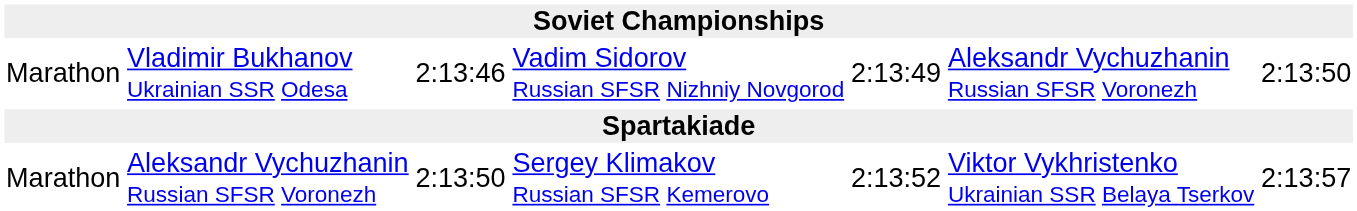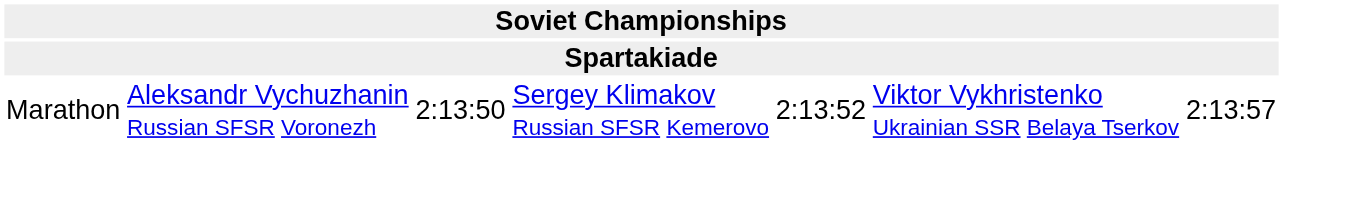 <table>
 <tr>
 <td colspan=7 bgcolor=#eeeeee style=text-align:center;><strong>Soviet Championships</strong></td>
-</tr>
-<tr>
-<td>Marathon</td>
-<td><a href='#'>Vladimir Bukhanov</a><br><small><a href='#'>Ukrainian SSR</a> <a href='#'>Odesa</a></small></td>
-<td>2:13:46</td>
-<td><a href='#'>Vadim Sidorov</a><br><small><a href='#'>Russian SFSR</a> <a href='#'>Nizhniy Novgorod</a></small></td>
-<td>2:13:49</td>
-<td><a href='#'>Aleksandr Vychuzhanin</a><br><small><a href='#'>Russian SFSR</a> <a href='#'>Voronezh</a></small></td>
-<td>2:13:50</td>
 </tr>
 <tr>
 <td colspan=7 bgcolor=#eeeeee style=text-align:center;><strong>Spartakiade</strong></td>
 </tr>
 <tr>
 <td>Marathon</td>
 <td><a href='#'>Aleksandr Vychuzhanin</a><br><small><a href='#'>Russian SFSR</a> <a href='#'>Voronezh</a></small></td>
 <td>2:13:50</td>
 <td><a href='#'>Sergey Klimakov</a><br><small><a href='#'>Russian SFSR</a> <a href='#'>Kemerovo</a></small></td>
 <td>2:13:52</td>
 <td><a href='#'>Viktor Vykhristenko</a><br><small><a href='#'>Ukrainian SSR</a> <a href='#'>Belaya Tserkov</a></small></td>
 <td>2:13:57</td>
 </tr>
 </table>
